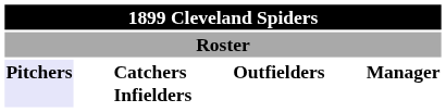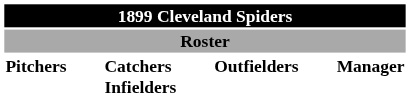 <table class="toccolours" style="font-size: 95%;">
 <tr>
 <th colspan="10" style="background-color: #000000; color: #FFFFFF; text-align: center;">1899 Cleveland Spiders</th>
 </tr>
 <tr>
 <td colspan="10" style="background-color: #A9A9A9; color: #000000; text-align: center;"><strong>Roster</strong></td>
 </tr>
 <tr>
-<td valign="top" style="background: lavender;"><strong>Pitchers</strong><br>           </td>
+<td valign="top"><strong>Pitchers</strong><br>           </td>
 <td width="25px"></td>
 <td valign="top"><strong>Catchers</strong><br>    <strong>Infielders</strong>        </td>
 <td width="25px"></td>
 <td valign="top"><strong>Outfielders</strong><br>      </td>
 <td width="25px"></td>
 <td valign="top"><strong>Manager</strong><br> </td>
 </tr>
 </table>
